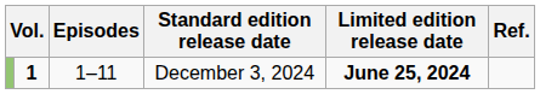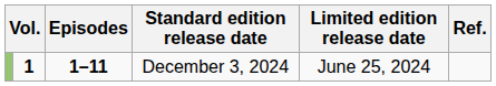 <table class="wikitable" style="text-align: center; width: 70%;">
 <tr>
 <th colspan="2">Vol.</th>
 <th>Episodes</th>
 <th>Standard edition release date</th>
 <th>Limited edition release date</th>
 <th width="5%">Ref.</th>
 </tr>
 <tr>
 <td width="1%" style="background: #93C572;"></td>
 <td><strong>1</strong></td>
-<td>1–11</td>
+<td><strong>1–11</strong></td>
 <td>December 3, 2024</td>
-<td><strong>June 25, 2024</strong></td>
+<td>June 25, 2024</td>
 <td></td>
 </tr>
 </table>
